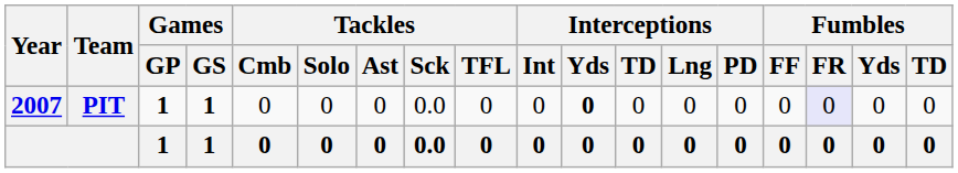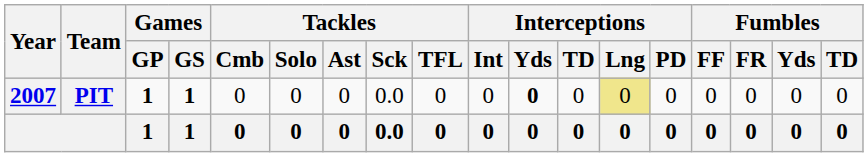 <table class="wikitable" style="text-align:center">
 <tr>
 <th rowspan="2">Year</th>
 <th rowspan="2">Team</th>
 <th colspan="2">Games</th>
 <th colspan="5">Tackles</th>
 <th colspan="5">Interceptions</th>
 <th colspan="4">Fumbles</th>
 </tr>
 <tr>
 <th>GP</th>
 <th>GS</th>
 <th>Cmb</th>
 <th>Solo</th>
 <th>Ast</th>
 <th>Sck</th>
 <th>TFL</th>
 <th>Int</th>
 <th>Yds</th>
 <th>TD</th>
 <th>Lng</th>
 <th>PD</th>
 <th>FF</th>
 <th>FR</th>
 <th>Yds</th>
 <th>TD</th>
 </tr>
 <tr>
 <th><a href='#'>2007</a></th>
 <th><a href='#'>PIT</a></th>
 <td><strong>1</strong></td>
 <td><strong>1</strong></td>
 <td>0</td>
 <td>0</td>
 <td>0</td>
 <td>0.0</td>
 <td>0</td>
 <td>0</td>
 <td><strong>0</strong></td>
 <td>0</td>
+<td style="background: khaki;">0</td>
 <td>0</td>
 <td>0</td>
 <td>0</td>
-<td style="background: lavender;">0</td>
 <td>0</td>
 <td>0</td>
 </tr>
 <tr>
 <th colspan="2"></th>
 <th>1</th>
 <th>1</th>
 <th>0</th>
 <th>0</th>
 <th>0</th>
 <th>0.0</th>
 <th>0</th>
 <th>0</th>
 <th>0</th>
 <th>0</th>
 <th>0</th>
 <th>0</th>
 <th>0</th>
 <th>0</th>
 <th>0</th>
 <th>0</th>
 </tr>
 </table>
